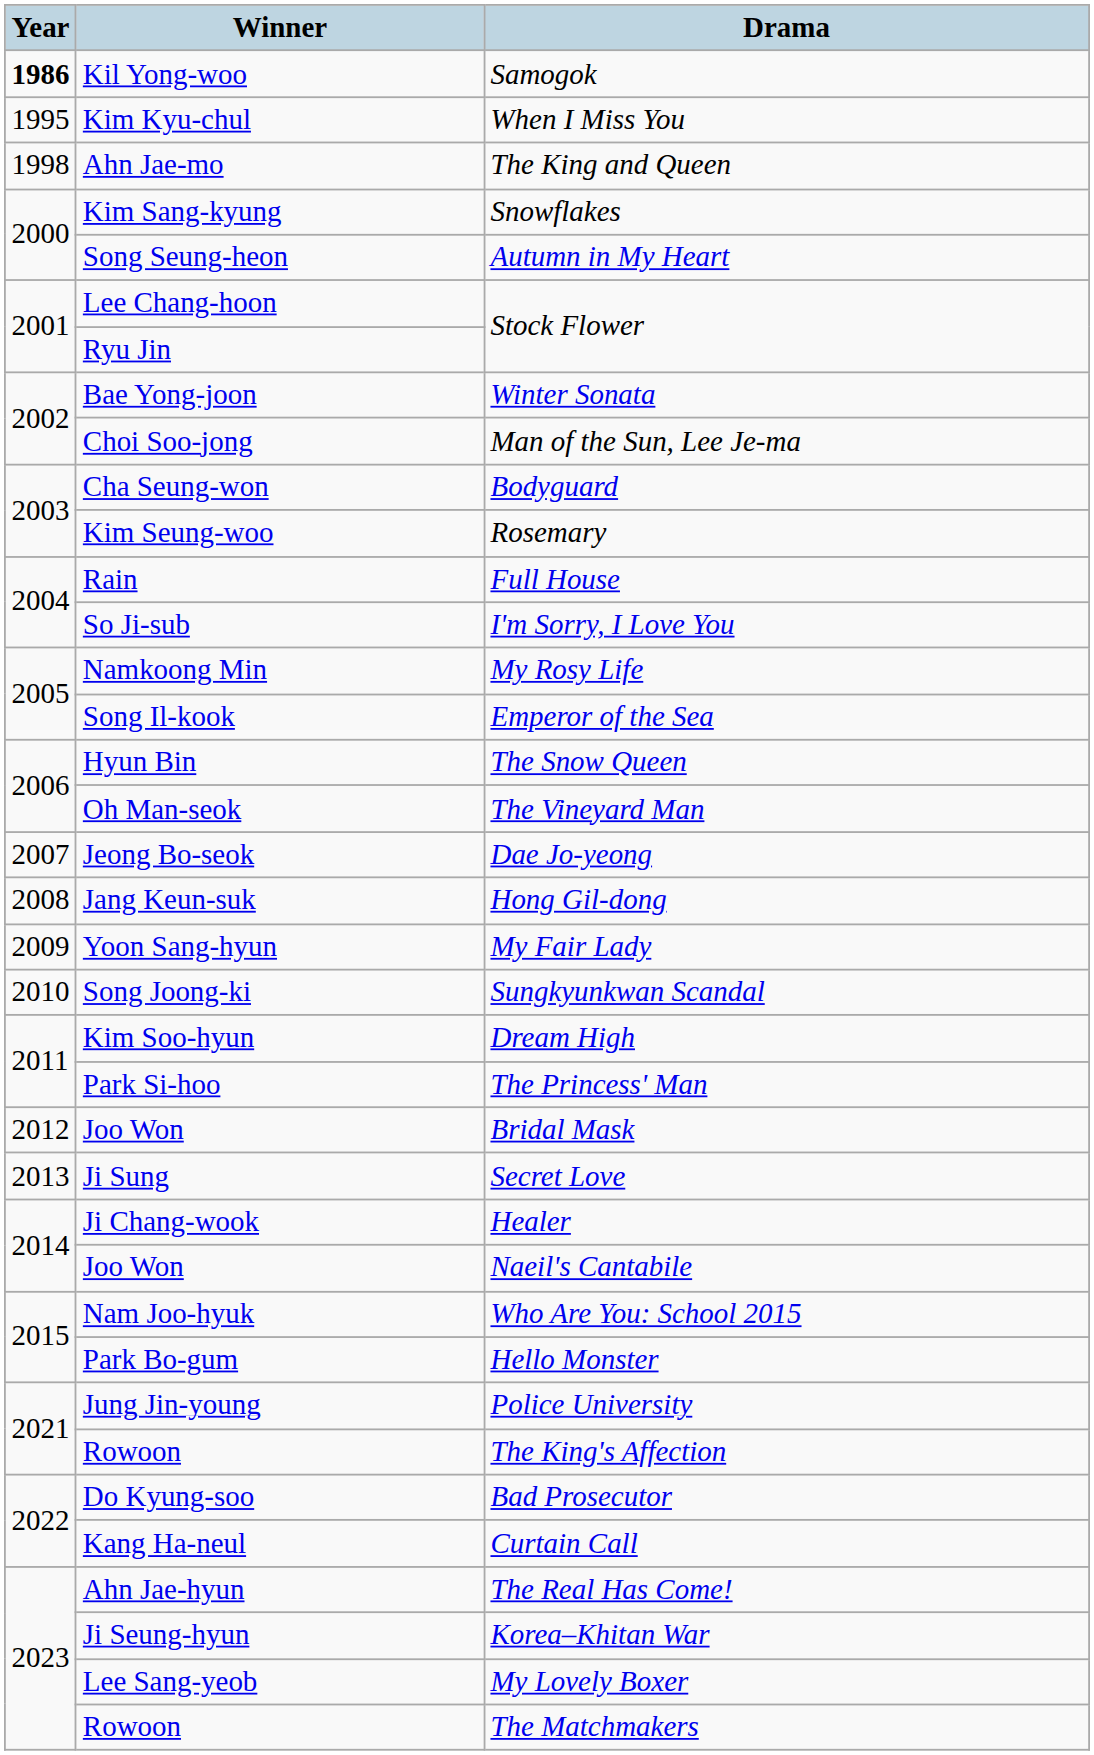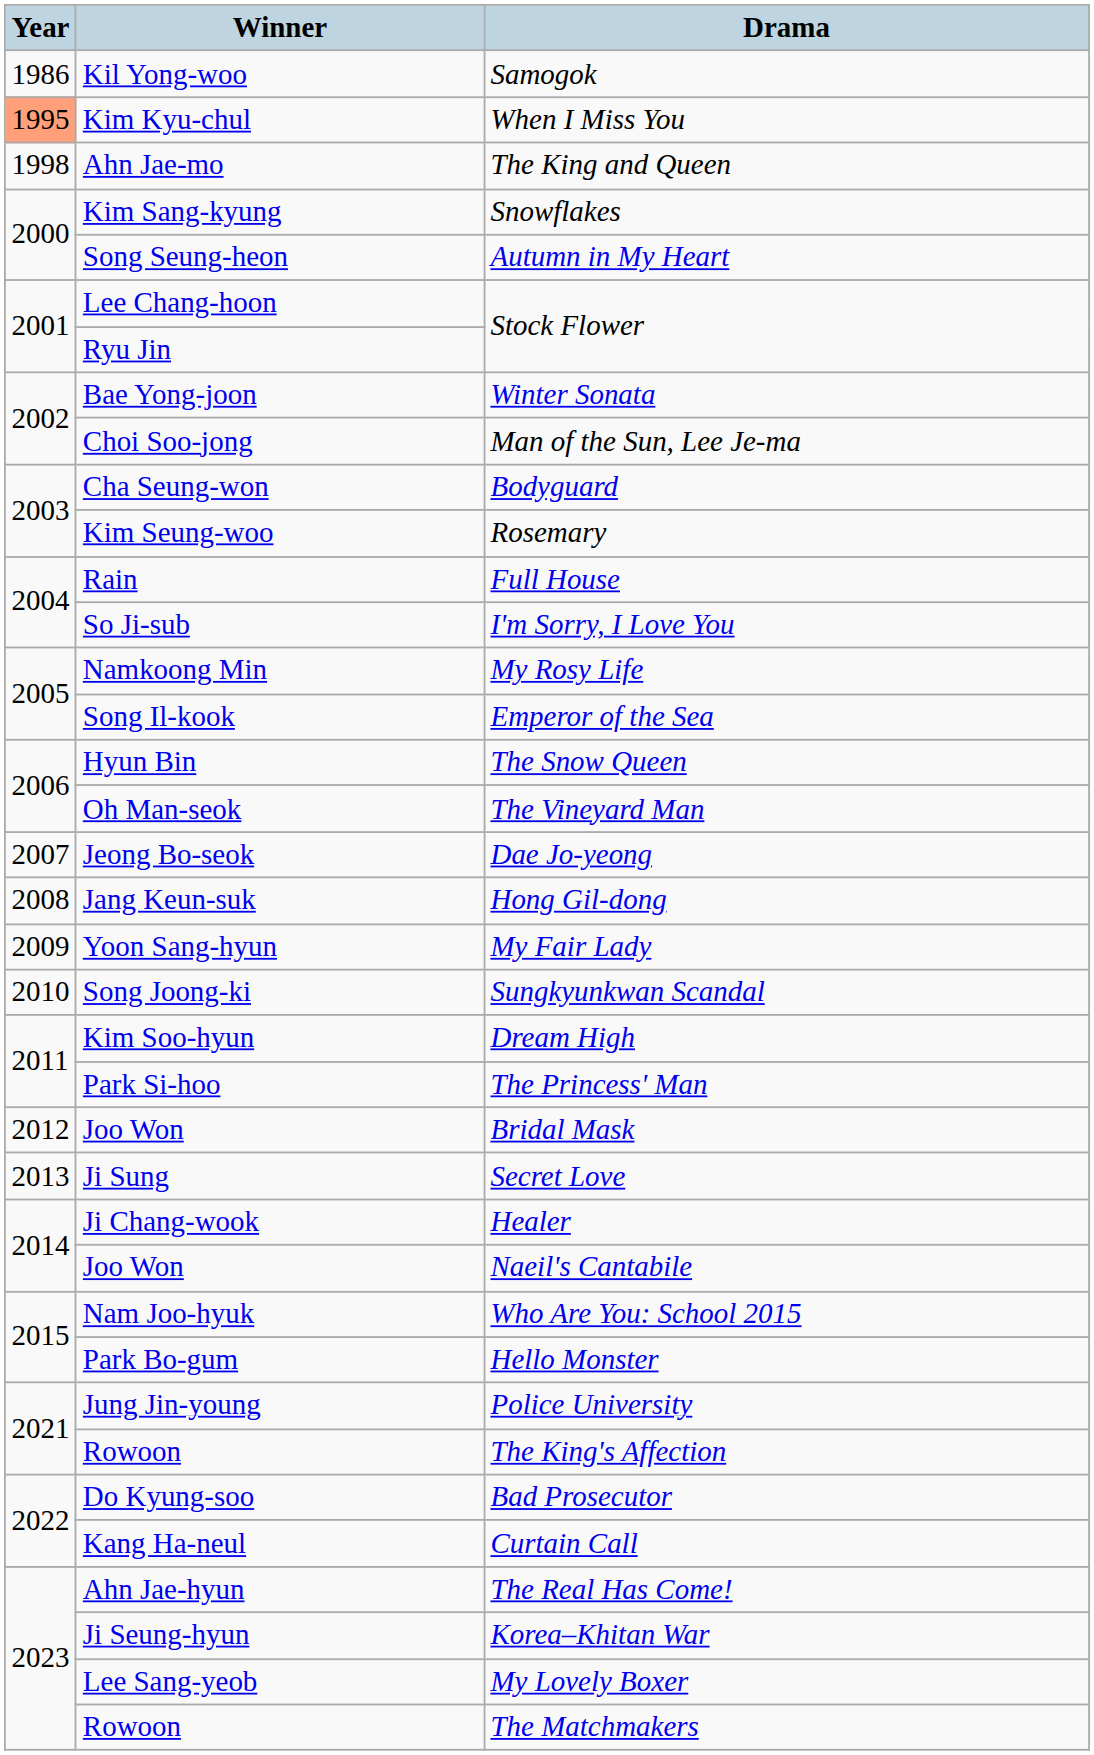 <table class="wikitable" style="width:600px">
 <tr>
 <th style="background:#BED5E1;" width="30">Year</th>
 <th style="background:#BED5E1;">Winner</th>
 <th style="background:#BED5E1;">Drama</th>
 </tr>
 <tr>
-<td><strong>1986</strong></td>
+<td>1986</td>
 <td><a href='#'>Kil Yong-woo</a></td>
 <td><em>Samogok</em></td>
 </tr>
 <tr>
-<td>1995</td>
+<td style="background: lightsalmon;">1995</td>
 <td><a href='#'>Kim Kyu-chul</a></td>
 <td><em>When I Miss You</em></td>
 </tr>
 <tr>
 <td>1998</td>
 <td><a href='#'>Ahn Jae-mo</a></td>
 <td><em>The King and Queen</em></td>
 </tr>
 <tr>
 <td rowspan="2">2000</td>
 <td><a href='#'>Kim Sang-kyung</a></td>
 <td><em>Snowflakes</em></td>
 </tr>
 <tr>
 <td><a href='#'>Song Seung-heon</a></td>
 <td><em><a href='#'>Autumn in My Heart</a></em></td>
 </tr>
 <tr>
 <td rowspan="2">2001</td>
 <td><a href='#'>Lee Chang-hoon</a></td>
 <td rowspan="2"><em>Stock Flower</em></td>
 </tr>
 <tr>
 <td><a href='#'>Ryu Jin</a></td>
 </tr>
 <tr>
 <td rowspan="2">2002</td>
 <td><a href='#'>Bae Yong-joon</a></td>
 <td><em><a href='#'>Winter Sonata</a></em></td>
 </tr>
 <tr>
 <td><a href='#'>Choi Soo-jong</a></td>
 <td><em>Man of the Sun, Lee Je-ma</em></td>
 </tr>
 <tr>
 <td rowspan="2">2003</td>
 <td><a href='#'>Cha Seung-won</a></td>
 <td><em><a href='#'>Bodyguard</a></em></td>
 </tr>
 <tr>
 <td><a href='#'>Kim Seung-woo</a></td>
 <td><em>Rosemary</em></td>
 </tr>
 <tr>
 <td rowspan="2">2004</td>
 <td><a href='#'>Rain</a></td>
 <td><em><a href='#'>Full House</a></em></td>
 </tr>
 <tr>
 <td><a href='#'>So Ji-sub</a></td>
 <td><em><a href='#'>I'm Sorry, I Love You</a></em></td>
 </tr>
 <tr>
 <td rowspan="2">2005</td>
 <td><a href='#'>Namkoong Min</a></td>
 <td><em><a href='#'>My Rosy Life</a></em></td>
 </tr>
 <tr>
 <td><a href='#'>Song Il-kook</a></td>
 <td><em><a href='#'>Emperor of the Sea</a></em></td>
 </tr>
 <tr>
 <td rowspan="2">2006</td>
 <td><a href='#'>Hyun Bin</a></td>
 <td><em><a href='#'>The Snow Queen</a></em></td>
 </tr>
 <tr>
 <td><a href='#'>Oh Man-seok</a></td>
 <td><em><a href='#'>The Vineyard Man</a></em></td>
 </tr>
 <tr>
 <td>2007</td>
 <td><a href='#'>Jeong Bo-seok</a></td>
 <td><em><a href='#'>Dae Jo-yeong</a></em></td>
 </tr>
 <tr>
 <td>2008</td>
 <td><a href='#'>Jang Keun-suk</a></td>
 <td><em><a href='#'>Hong Gil-dong</a></em></td>
 </tr>
 <tr>
 <td>2009</td>
 <td><a href='#'>Yoon Sang-hyun</a></td>
 <td><em><a href='#'>My Fair Lady</a></em></td>
 </tr>
 <tr>
 <td>2010</td>
 <td><a href='#'>Song Joong-ki</a></td>
 <td><em><a href='#'>Sungkyunkwan Scandal</a></em></td>
 </tr>
 <tr>
 <td rowspan="2">2011</td>
 <td><a href='#'>Kim Soo-hyun</a></td>
 <td><em><a href='#'>Dream High</a></em></td>
 </tr>
 <tr>
 <td><a href='#'>Park Si-hoo</a></td>
 <td><em><a href='#'>The Princess' Man</a></em></td>
 </tr>
 <tr>
 <td>2012</td>
 <td><a href='#'>Joo Won</a></td>
 <td><em><a href='#'>Bridal Mask</a></em></td>
 </tr>
 <tr>
 <td>2013</td>
 <td><a href='#'>Ji Sung</a></td>
 <td><em><a href='#'>Secret Love</a></em></td>
 </tr>
 <tr>
 <td rowspan="2">2014</td>
 <td><a href='#'>Ji Chang-wook</a></td>
 <td><em><a href='#'>Healer</a></em></td>
 </tr>
 <tr>
 <td><a href='#'>Joo Won</a></td>
 <td><em><a href='#'>Naeil's Cantabile</a></em></td>
 </tr>
 <tr>
 <td rowspan="2">2015</td>
 <td><a href='#'>Nam Joo-hyuk</a></td>
 <td><em><a href='#'>Who Are You: School 2015</a></em></td>
 </tr>
 <tr>
 <td><a href='#'>Park Bo-gum</a></td>
 <td><em><a href='#'>Hello Monster</a></em></td>
 </tr>
 <tr>
 <td rowspan="2">2021</td>
 <td><a href='#'>Jung Jin-young</a></td>
 <td><em><a href='#'>Police University</a></em></td>
 </tr>
 <tr>
 <td><a href='#'>Rowoon</a></td>
 <td><em><a href='#'>The King's Affection</a></em></td>
 </tr>
 <tr>
 <td rowspan="2">2022</td>
 <td><a href='#'>Do Kyung-soo</a></td>
 <td><em><a href='#'>Bad Prosecutor</a></em></td>
 </tr>
 <tr>
 <td><a href='#'>Kang Ha-neul</a></td>
 <td><em><a href='#'>Curtain Call</a></em></td>
 </tr>
 <tr>
 <td rowspan="4">2023</td>
 <td><a href='#'>Ahn Jae-hyun</a></td>
 <td><em><a href='#'>The Real Has Come!</a></em></td>
 </tr>
 <tr>
 <td><a href='#'>Ji Seung-hyun</a></td>
 <td><em><a href='#'>Korea–Khitan War</a></em></td>
 </tr>
 <tr>
 <td><a href='#'>Lee Sang-yeob</a></td>
 <td><em><a href='#'>My Lovely Boxer</a></em></td>
 </tr>
 <tr>
 <td><a href='#'>Rowoon</a></td>
 <td><em><a href='#'>The Matchmakers</a></em></td>
 </tr>
 </table>
